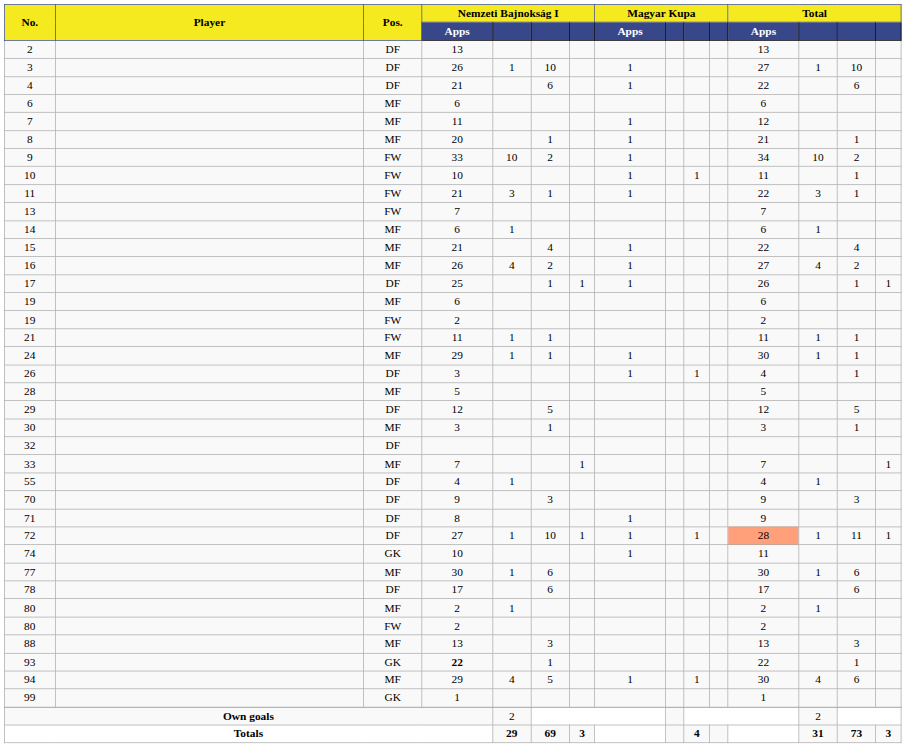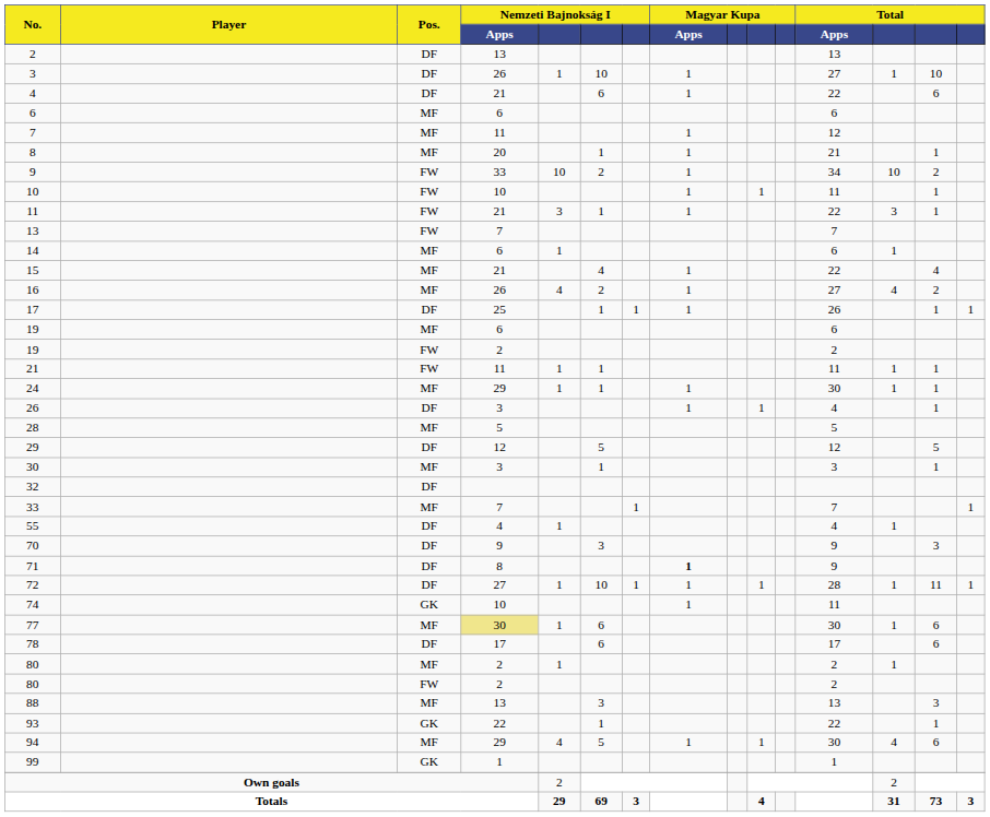 <table class="wikitable sortable alternance" style="text-align:center;width:100%">
 <tr>
 <th rowspan="2" style="background-color:#F5EA1F;color:black;border:1px solid #38478A;width:5px">No.</th>
 <th rowspan="2" style="background-color:#F5EA1F;color:black;border:1px solid #38478A;width:180px">Player</th>
 <th rowspan="2" style="background-color:#F5EA1F;color:black;border:1px solid #38478A;width:5px">Pos.</th>
 <th colspan="4" style="background:#F5EA1F;color:black;border:1px solid #38478A">Nemzeti Bajnokság I</th>
 <th colspan="4" style="background:#F5EA1F;color:black;border:1px solid #38478A">Magyar Kupa</th>
 <th colspan="4" style="background:#F5EA1F;color:black;border:1px solid #38478A">Total</th>
 </tr>
 <tr style="text-align:center">
 <th width="4" style="background-color:#38478A;color:white;border:1px solid black">Apps</th>
 <th width="4" style="background-color:#38478A;border:1px solid black"></th>
 <th width="4" style="background-color:#38478A;border:1px solid black"></th>
 <th width="4" style="background-color:#38478A;color:white;border:1px solid black"></th>
 <th width="4" style="background-color:#38478A;color:white;border:1px solid black">Apps</th>
 <th width="4" style="background-color:#38478A;border:1px solid black"></th>
 <th width="4" style="background-color:#38478A;border:1px solid black"></th>
 <th width="4" style="background-color:#38478A;color:white;border:1px solid black"></th>
 <th width="4" style="background-color:#38478A;color:white;border:1px solid black">Apps</th>
 <th width="4" style="background-color:#38478A;border:1px solid black"></th>
 <th width="4" style="background-color:#38478A;border:1px solid black"></th>
 <th width="4" style="background-color:#38478A;color:white;border:1px solid black"></th>
 </tr>
 <tr>
 <td>2</td>
 <td> </td>
 <td>DF</td>
 <td>13</td>
 <td></td>
 <td></td>
 <td></td>
 <td></td>
 <td></td>
 <td></td>
 <td></td>
 <td>13</td>
 <td></td>
 <td></td>
 <td></td>
 </tr>
 <tr>
 <td>3</td>
 <td> </td>
 <td>DF</td>
 <td>26</td>
 <td>1</td>
 <td>10</td>
 <td></td>
 <td>1</td>
 <td></td>
 <td></td>
 <td></td>
 <td>27</td>
 <td>1</td>
 <td>10</td>
 <td></td>
 </tr>
 <tr>
 <td>4</td>
 <td> </td>
 <td>DF</td>
 <td>21</td>
 <td></td>
 <td>6</td>
 <td></td>
 <td>1</td>
 <td></td>
 <td></td>
 <td></td>
 <td>22</td>
 <td></td>
 <td>6</td>
 <td></td>
 </tr>
 <tr>
 <td>6</td>
 <td> </td>
 <td>MF</td>
 <td>6</td>
 <td></td>
 <td></td>
 <td></td>
 <td></td>
 <td></td>
 <td></td>
 <td></td>
 <td>6</td>
 <td></td>
 <td></td>
 <td></td>
 </tr>
 <tr>
 <td>7</td>
 <td> </td>
 <td>MF</td>
 <td>11</td>
 <td></td>
 <td></td>
 <td></td>
 <td>1</td>
 <td></td>
 <td></td>
 <td></td>
 <td>12</td>
 <td></td>
 <td></td>
 <td></td>
 </tr>
 <tr>
 <td>8</td>
 <td> </td>
 <td>MF</td>
 <td>20</td>
 <td></td>
 <td>1</td>
 <td></td>
 <td>1</td>
 <td></td>
 <td></td>
 <td></td>
 <td>21</td>
 <td></td>
 <td>1</td>
 <td></td>
 </tr>
 <tr>
 <td>9</td>
 <td> </td>
 <td>FW</td>
 <td>33</td>
 <td>10</td>
 <td>2</td>
 <td></td>
 <td>1</td>
 <td></td>
 <td></td>
 <td></td>
 <td>34</td>
 <td>10</td>
 <td>2</td>
 <td></td>
 </tr>
 <tr>
 <td>10</td>
 <td> </td>
 <td>FW</td>
 <td>10</td>
 <td></td>
 <td></td>
 <td></td>
 <td>1</td>
 <td></td>
 <td>1</td>
 <td></td>
 <td>11</td>
 <td></td>
 <td>1</td>
 <td></td>
 </tr>
 <tr>
 <td>11</td>
 <td> </td>
 <td>FW</td>
 <td>21</td>
 <td>3</td>
 <td>1</td>
 <td></td>
 <td>1</td>
 <td></td>
 <td></td>
 <td></td>
 <td>22</td>
 <td>3</td>
 <td>1</td>
 <td></td>
 </tr>
 <tr>
 <td>13</td>
 <td> </td>
 <td>FW</td>
 <td>7</td>
 <td></td>
 <td></td>
 <td></td>
 <td></td>
 <td></td>
 <td></td>
 <td></td>
 <td>7</td>
 <td></td>
 <td></td>
 <td></td>
 </tr>
 <tr>
 <td>14</td>
 <td> </td>
 <td>MF</td>
 <td>6</td>
 <td>1</td>
 <td></td>
 <td></td>
 <td></td>
 <td></td>
 <td></td>
 <td></td>
 <td>6</td>
 <td>1</td>
 <td></td>
 <td></td>
 </tr>
 <tr>
 <td>15</td>
 <td> </td>
 <td>MF</td>
 <td>21</td>
 <td></td>
 <td>4</td>
 <td></td>
 <td>1</td>
 <td></td>
 <td></td>
 <td></td>
 <td>22</td>
 <td></td>
 <td>4</td>
 <td></td>
 </tr>
 <tr>
 <td>16</td>
 <td> </td>
 <td>MF</td>
 <td>26</td>
 <td>4</td>
 <td>2</td>
 <td></td>
 <td>1</td>
 <td></td>
 <td></td>
 <td></td>
 <td>27</td>
 <td>4</td>
 <td>2</td>
 <td></td>
 </tr>
 <tr>
 <td>17</td>
 <td> </td>
 <td>DF</td>
 <td>25</td>
 <td></td>
 <td>1</td>
 <td>1</td>
 <td>1</td>
 <td></td>
 <td></td>
 <td></td>
 <td>26</td>
 <td></td>
 <td>1</td>
 <td>1</td>
 </tr>
 <tr>
 <td>19</td>
 <td> </td>
 <td>MF</td>
 <td>6</td>
 <td></td>
 <td></td>
 <td></td>
 <td></td>
 <td></td>
 <td></td>
 <td></td>
 <td>6</td>
 <td></td>
 <td></td>
 <td></td>
 </tr>
 <tr>
 <td>19</td>
 <td> </td>
 <td>FW</td>
 <td>2</td>
 <td></td>
 <td></td>
 <td></td>
 <td></td>
 <td></td>
 <td></td>
 <td></td>
 <td>2</td>
 <td></td>
 <td></td>
 <td></td>
 </tr>
 <tr>
 <td>21</td>
 <td> </td>
 <td>FW</td>
 <td>11</td>
 <td>1</td>
 <td>1</td>
 <td></td>
 <td></td>
 <td></td>
 <td></td>
 <td></td>
 <td>11</td>
 <td>1</td>
 <td>1</td>
 <td></td>
 </tr>
 <tr>
 <td>24</td>
 <td> </td>
 <td>MF</td>
 <td>29</td>
 <td>1</td>
 <td>1</td>
 <td></td>
 <td>1</td>
 <td></td>
 <td></td>
 <td></td>
 <td>30</td>
 <td>1</td>
 <td>1</td>
 <td></td>
 </tr>
 <tr>
 <td>26</td>
 <td> </td>
 <td>DF</td>
 <td>3</td>
 <td></td>
 <td></td>
 <td></td>
 <td>1</td>
 <td></td>
 <td>1</td>
 <td></td>
 <td>4</td>
 <td></td>
 <td>1</td>
 <td></td>
 </tr>
 <tr>
 <td>28</td>
 <td> </td>
 <td>MF</td>
 <td>5</td>
 <td></td>
 <td></td>
 <td></td>
 <td></td>
 <td></td>
 <td></td>
 <td></td>
 <td>5</td>
 <td></td>
 <td></td>
 <td></td>
 </tr>
 <tr>
 <td>29</td>
 <td> </td>
 <td>DF</td>
 <td>12</td>
 <td></td>
 <td>5</td>
 <td></td>
 <td></td>
 <td></td>
 <td></td>
 <td></td>
 <td>12</td>
 <td></td>
 <td>5</td>
 <td></td>
 </tr>
 <tr>
 <td>30</td>
 <td> </td>
 <td>MF</td>
 <td>3</td>
 <td></td>
 <td>1</td>
 <td></td>
 <td></td>
 <td></td>
 <td></td>
 <td></td>
 <td>3</td>
 <td></td>
 <td>1</td>
 <td></td>
 </tr>
 <tr>
 <td>32</td>
 <td> </td>
 <td>DF</td>
 <td></td>
 <td></td>
 <td></td>
 <td></td>
 <td></td>
 <td></td>
 <td></td>
 <td></td>
 <td></td>
 <td></td>
 <td></td>
 <td></td>
 </tr>
 <tr>
 <td>33</td>
 <td> </td>
 <td>MF</td>
 <td>7</td>
 <td></td>
 <td></td>
 <td>1</td>
 <td></td>
 <td></td>
 <td></td>
 <td></td>
 <td>7</td>
 <td></td>
 <td></td>
 <td>1</td>
 </tr>
 <tr>
 <td>55</td>
 <td> </td>
 <td>DF</td>
 <td>4</td>
 <td>1</td>
 <td></td>
 <td></td>
 <td></td>
 <td></td>
 <td></td>
 <td></td>
 <td>4</td>
 <td>1</td>
 <td></td>
 <td></td>
 </tr>
 <tr>
 <td>70</td>
 <td> </td>
 <td>DF</td>
 <td>9</td>
 <td></td>
 <td>3</td>
 <td></td>
 <td></td>
 <td></td>
 <td></td>
 <td></td>
 <td>9</td>
 <td></td>
 <td>3</td>
 <td></td>
 </tr>
 <tr>
 <td>71</td>
 <td> </td>
 <td>DF</td>
 <td>8</td>
 <td></td>
 <td></td>
 <td></td>
-<td>1</td>
+<td><strong>1</strong></td>
 <td></td>
 <td></td>
 <td></td>
 <td>9</td>
 <td></td>
 <td></td>
 <td></td>
 </tr>
 <tr>
 <td>72</td>
 <td> </td>
 <td>DF</td>
 <td>27</td>
 <td>1</td>
 <td>10</td>
 <td>1</td>
 <td>1</td>
 <td></td>
 <td>1</td>
 <td></td>
-<td style="background: lightsalmon;">28</td>
+<td>28</td>
 <td>1</td>
 <td>11</td>
 <td>1</td>
 </tr>
 <tr>
 <td>74</td>
 <td> </td>
 <td>GK</td>
 <td>10</td>
 <td></td>
 <td></td>
 <td></td>
 <td>1</td>
 <td></td>
 <td></td>
 <td></td>
 <td>11</td>
 <td></td>
 <td></td>
 <td></td>
 </tr>
 <tr>
 <td>77</td>
 <td> </td>
 <td>MF</td>
-<td>30</td>
+<td style="background: khaki;">30</td>
 <td>1</td>
 <td>6</td>
 <td></td>
 <td></td>
 <td></td>
 <td></td>
 <td></td>
 <td>30</td>
 <td>1</td>
 <td>6</td>
 <td></td>
 </tr>
 <tr>
 <td>78</td>
 <td> </td>
 <td>DF</td>
 <td>17</td>
 <td></td>
 <td>6</td>
 <td></td>
 <td></td>
 <td></td>
 <td></td>
 <td></td>
 <td>17</td>
 <td></td>
 <td>6</td>
 <td></td>
 </tr>
 <tr>
 <td>80</td>
 <td> </td>
 <td>MF</td>
 <td>2</td>
 <td>1</td>
 <td></td>
 <td></td>
 <td></td>
 <td></td>
 <td></td>
 <td></td>
 <td>2</td>
 <td>1</td>
 <td></td>
 <td></td>
 </tr>
 <tr>
 <td>80</td>
 <td> </td>
 <td>FW</td>
 <td>2</td>
 <td></td>
 <td></td>
 <td></td>
 <td></td>
 <td></td>
 <td></td>
 <td></td>
 <td>2</td>
 <td></td>
 <td></td>
 <td></td>
 </tr>
 <tr>
 <td>88</td>
 <td> </td>
 <td>MF</td>
 <td>13</td>
 <td></td>
 <td>3</td>
 <td></td>
 <td></td>
 <td></td>
 <td></td>
 <td></td>
 <td>13</td>
 <td></td>
 <td>3</td>
 <td></td>
 </tr>
 <tr>
 <td>93</td>
 <td> </td>
 <td>GK</td>
-<td><strong>22</strong></td>
+<td>22</td>
 <td></td>
 <td>1</td>
 <td></td>
 <td></td>
 <td></td>
 <td></td>
 <td></td>
 <td>22</td>
 <td></td>
 <td>1</td>
 <td></td>
 </tr>
 <tr>
 <td>94</td>
 <td> </td>
 <td>MF</td>
 <td>29</td>
 <td>4</td>
 <td>5</td>
 <td></td>
 <td>1</td>
 <td></td>
 <td>1</td>
 <td></td>
 <td>30</td>
 <td>4</td>
 <td>6</td>
 <td></td>
 </tr>
 <tr>
 <td>99</td>
 <td> </td>
 <td>GK</td>
 <td>1</td>
 <td></td>
 <td></td>
 <td></td>
 <td></td>
 <td></td>
 <td></td>
 <td></td>
 <td>1</td>
 <td></td>
 <td></td>
 <td></td>
 </tr>
 <tr>
 </tr>
 <tr class="sortbottom">
 <td colspan="4"><strong>Own goals</strong></td>
 <td>2</td>
 <td colspan="3" style="background:white;text-align:center"></td>
 <td></td>
 <td colspan="3" style="background:white;text-align:center"></td>
 <td>2</td>
 <td colspan="2" style="background:white;text-align:center"></td>
 </tr>
 <tr class="sortbottom">
 <td colspan="4" style="background:white;text-align:center"><strong>Totals</strong></td>
 <td><strong>29</strong></td>
 <td><strong>69</strong></td>
 <td><strong>3</strong></td>
 <td rowspan="3" style="background:white;text-align:center"></td>
 <td></td>
 <td><strong>4</strong></td>
 <td></td>
 <td rowspan="3" style="background:white;text-align:center"></td>
 <td><strong>31</strong></td>
 <td><strong>73</strong></td>
 <td><strong>3</strong></td>
 </tr>
 </table>
